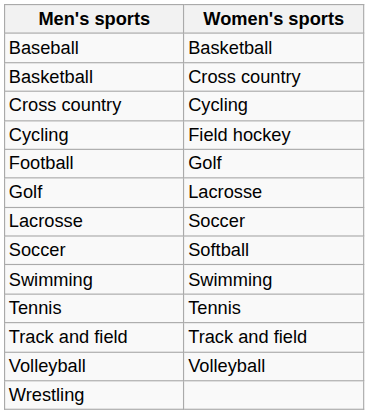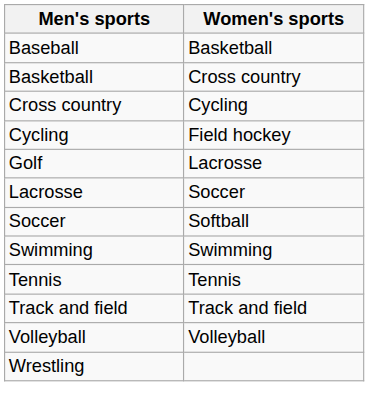 <table class="wikitable"; style=" ">
 <tr>
 <th width=150px>Men's sports</th>
 <th width=150px>Women's sports</th>
 </tr>
 <tr>
 <td>Baseball</td>
 <td>Basketball</td>
 </tr>
 <tr>
 <td>Basketball</td>
 <td>Cross country</td>
 </tr>
 <tr>
 <td>Cross country</td>
 <td>Cycling</td>
 </tr>
 <tr>
 <td>Cycling</td>
 <td>Field hockey</td>
-</tr>
-<tr>
-<td>Football</td>
-<td>Golf</td>
 </tr>
 <tr>
 <td>Golf</td>
 <td>Lacrosse</td>
 </tr>
 <tr>
 <td>Lacrosse</td>
 <td>Soccer</td>
 </tr>
 <tr>
 <td>Soccer</td>
 <td>Softball</td>
 </tr>
 <tr>
 <td>Swimming</td>
 <td>Swimming</td>
 </tr>
 <tr>
 <td>Tennis</td>
 <td>Tennis</td>
 </tr>
 <tr>
 <td>Track and field</td>
 <td>Track and field</td>
 </tr>
 <tr>
 <td>Volleyball</td>
 <td>Volleyball</td>
 </tr>
 <tr>
 <td>Wrestling</td>
 <td></td>
 </tr>
 </table>
